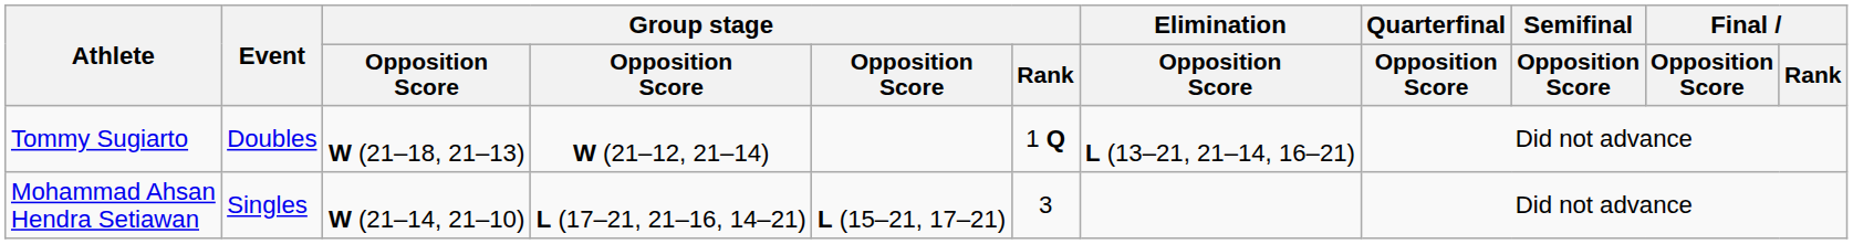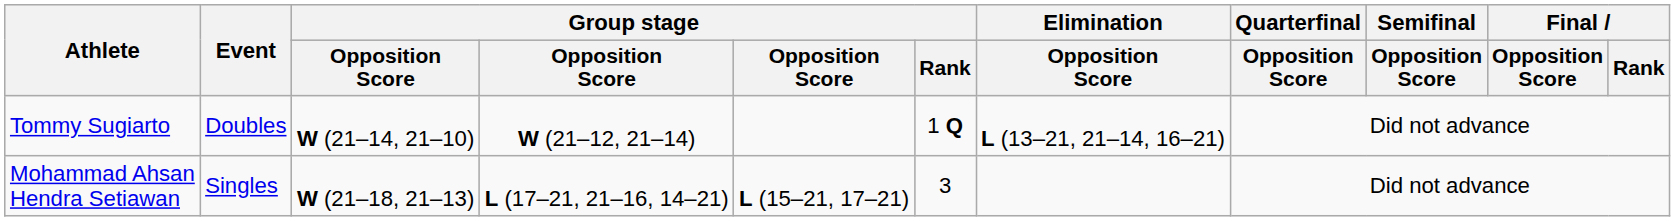 <table class="wikitable" style="font-size:90%">
 <tr>
 <th rowspan=2>Athlete</th>
 <th rowspan=2>Event</th>
 <th colspan=4>Group stage</th>
 <th>Elimination</th>
 <th>Quarterfinal</th>
 <th>Semifinal</th>
 <th colspan=2>Final / </th>
 </tr>
 <tr style="font-size:95%">
 <th>Opposition<br>Score</th>
 <th>Opposition<br>Score</th>
 <th>Opposition<br>Score</th>
 <th>Rank</th>
 <th>Opposition<br>Score</th>
 <th>Opposition<br>Score</th>
 <th>Opposition<br>Score</th>
 <th>Opposition<br>Score</th>
 <th>Rank</th>
 </tr>
 <tr align=center>
 <td align=left><a href='#'>Tommy Sugiarto</a></td>
 <td align=left><a href='#'>Doubles</a></td>
-<td><br><strong>W</strong> (21–18, 21–13)</td>
+<td><br><strong>W</strong> (21–14, 21–10)</td>
 <td><br><strong>W</strong> (21–12, 21–14)</td>
 <td></td>
 <td>1 <strong>Q</strong></td>
 <td><br><strong>L</strong> (13–21, 21–14, 16–21)</td>
 <td colspan=4>Did not advance</td>
 </tr>
 <tr align=center>
 <td align=left><a href='#'>Mohammad Ahsan</a><br><a href='#'>Hendra Setiawan</a></td>
 <td align=left><a href='#'>Singles</a></td>
-<td><br><strong>W</strong> (21–14, 21–10)</td>
+<td><br><strong>W</strong> (21–18, 21–13)</td>
 <td><br><strong>L</strong> (17–21, 21–16, 14–21)</td>
 <td><br><strong>L</strong> (15–21, 17–21)</td>
 <td>3</td>
 <td></td>
 <td colspan=4>Did not advance</td>
 </tr>
 </table>
